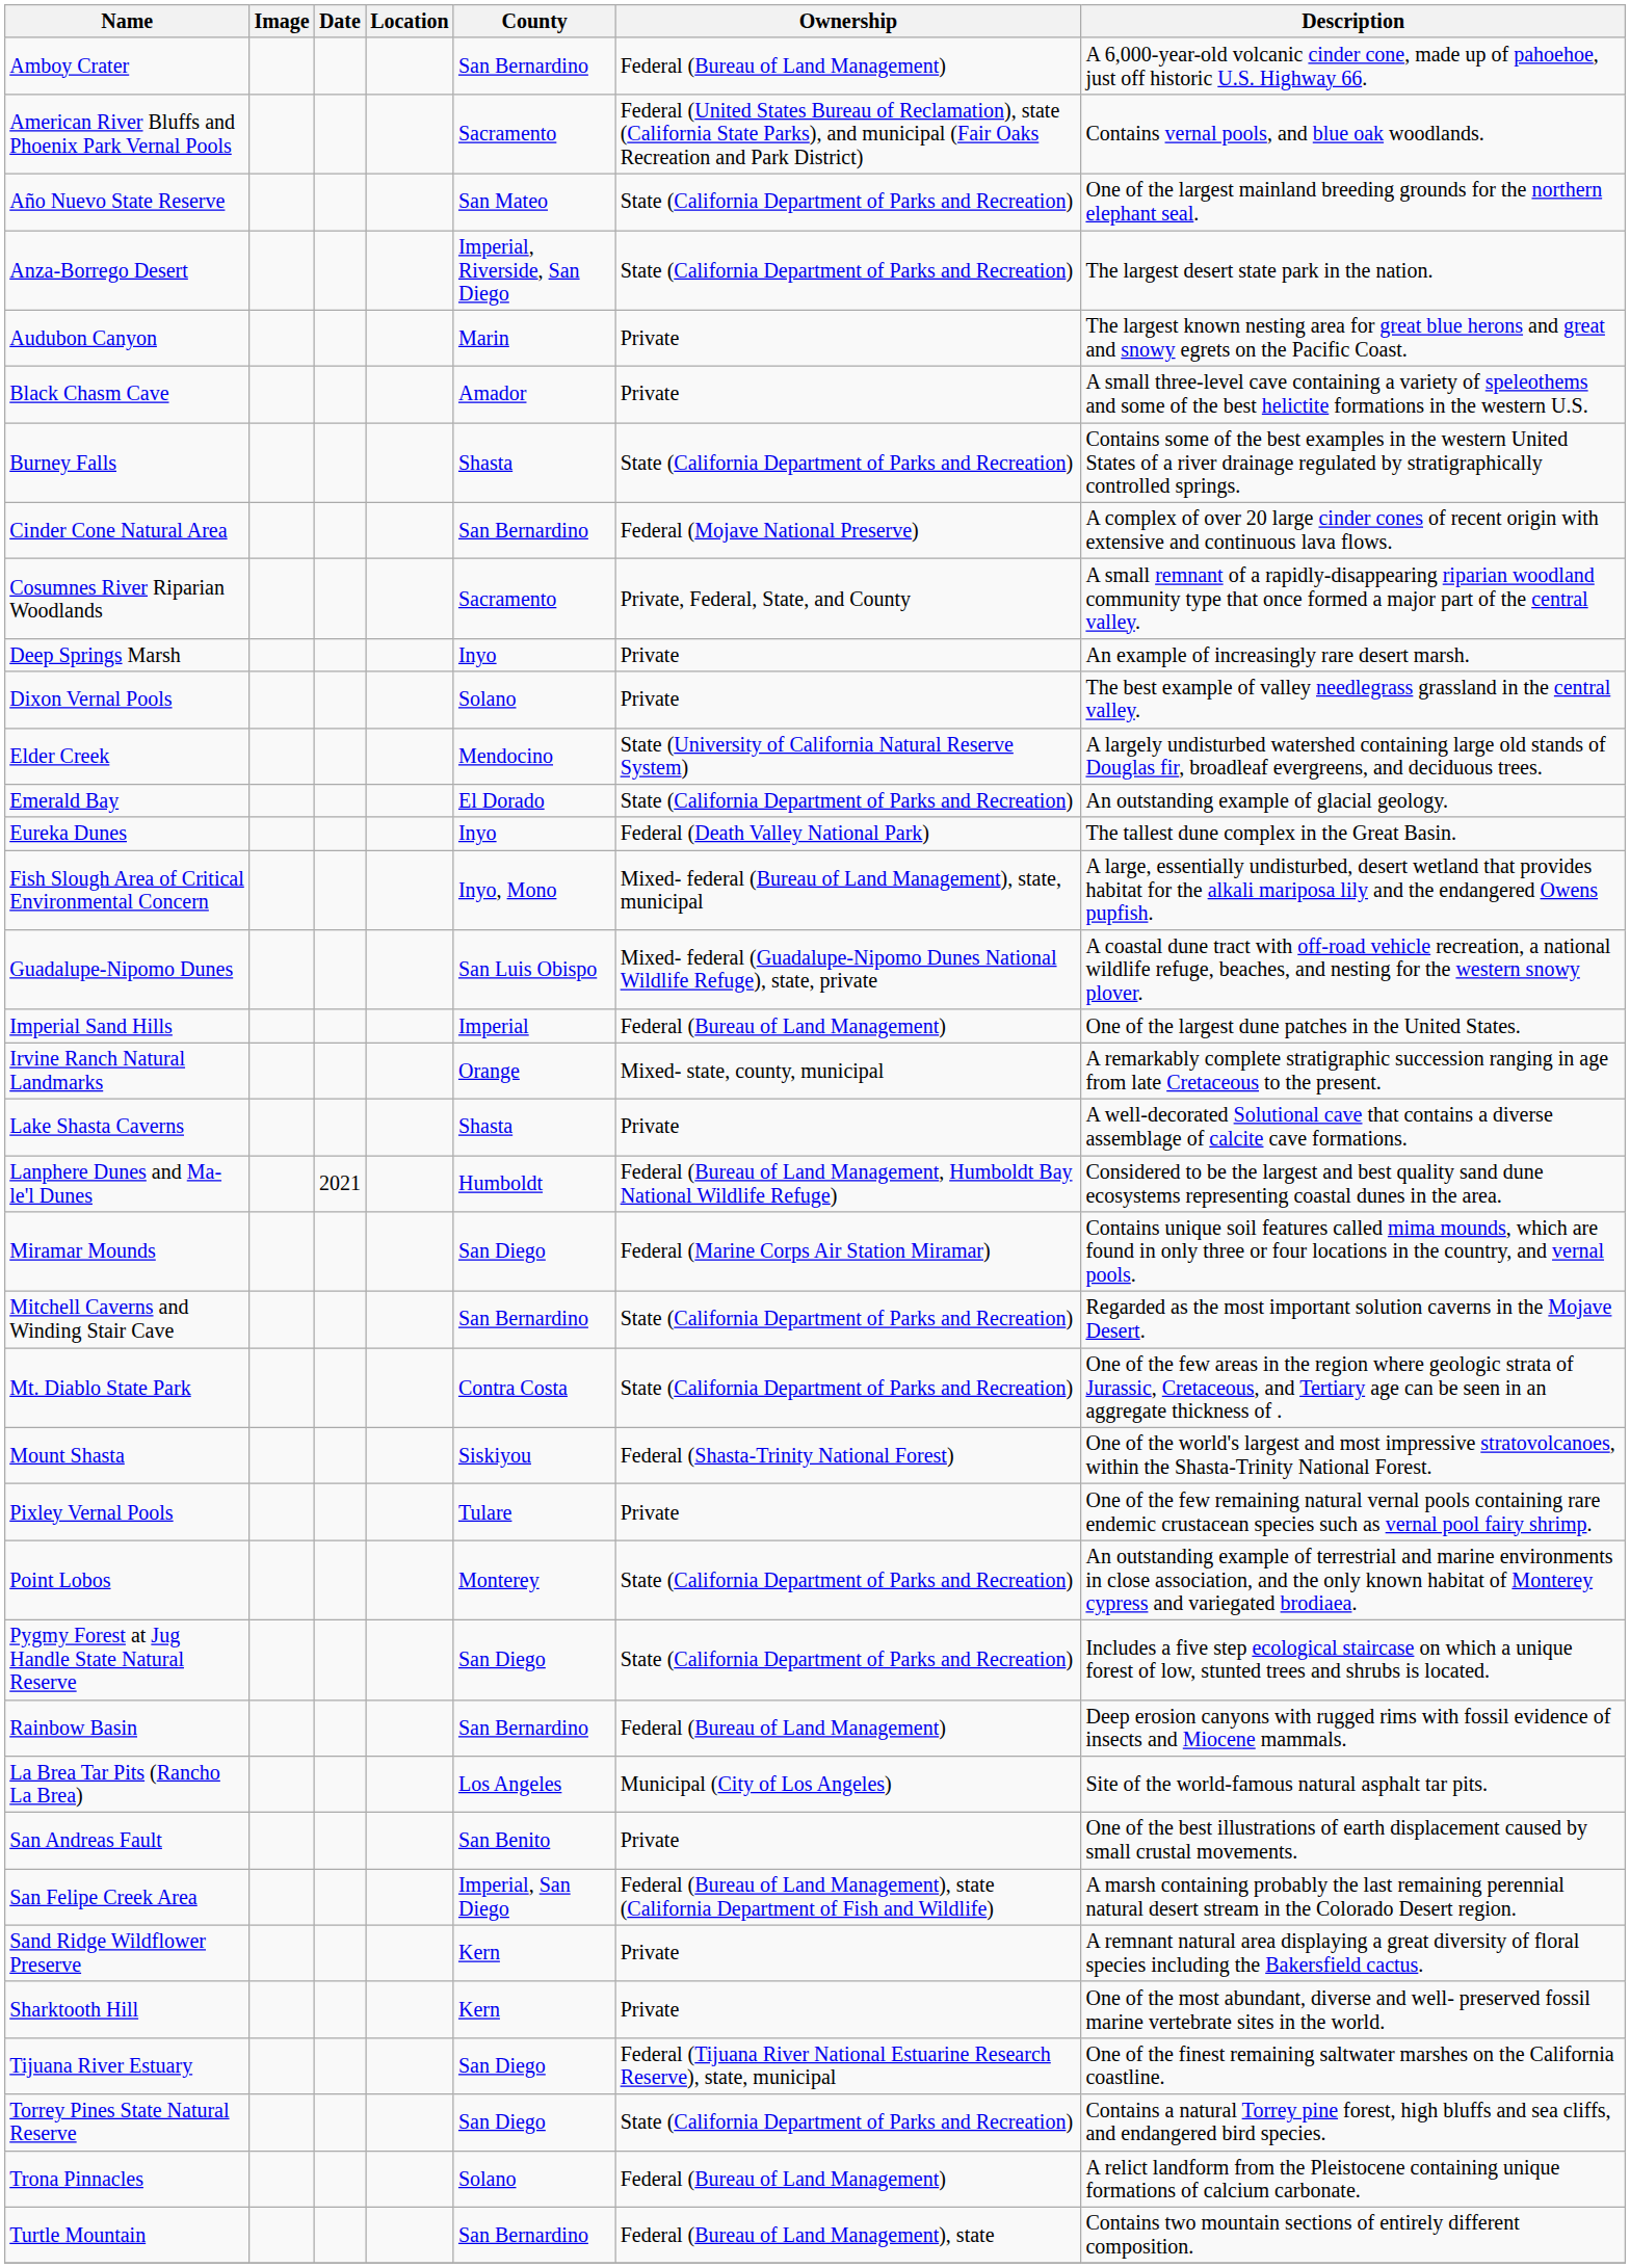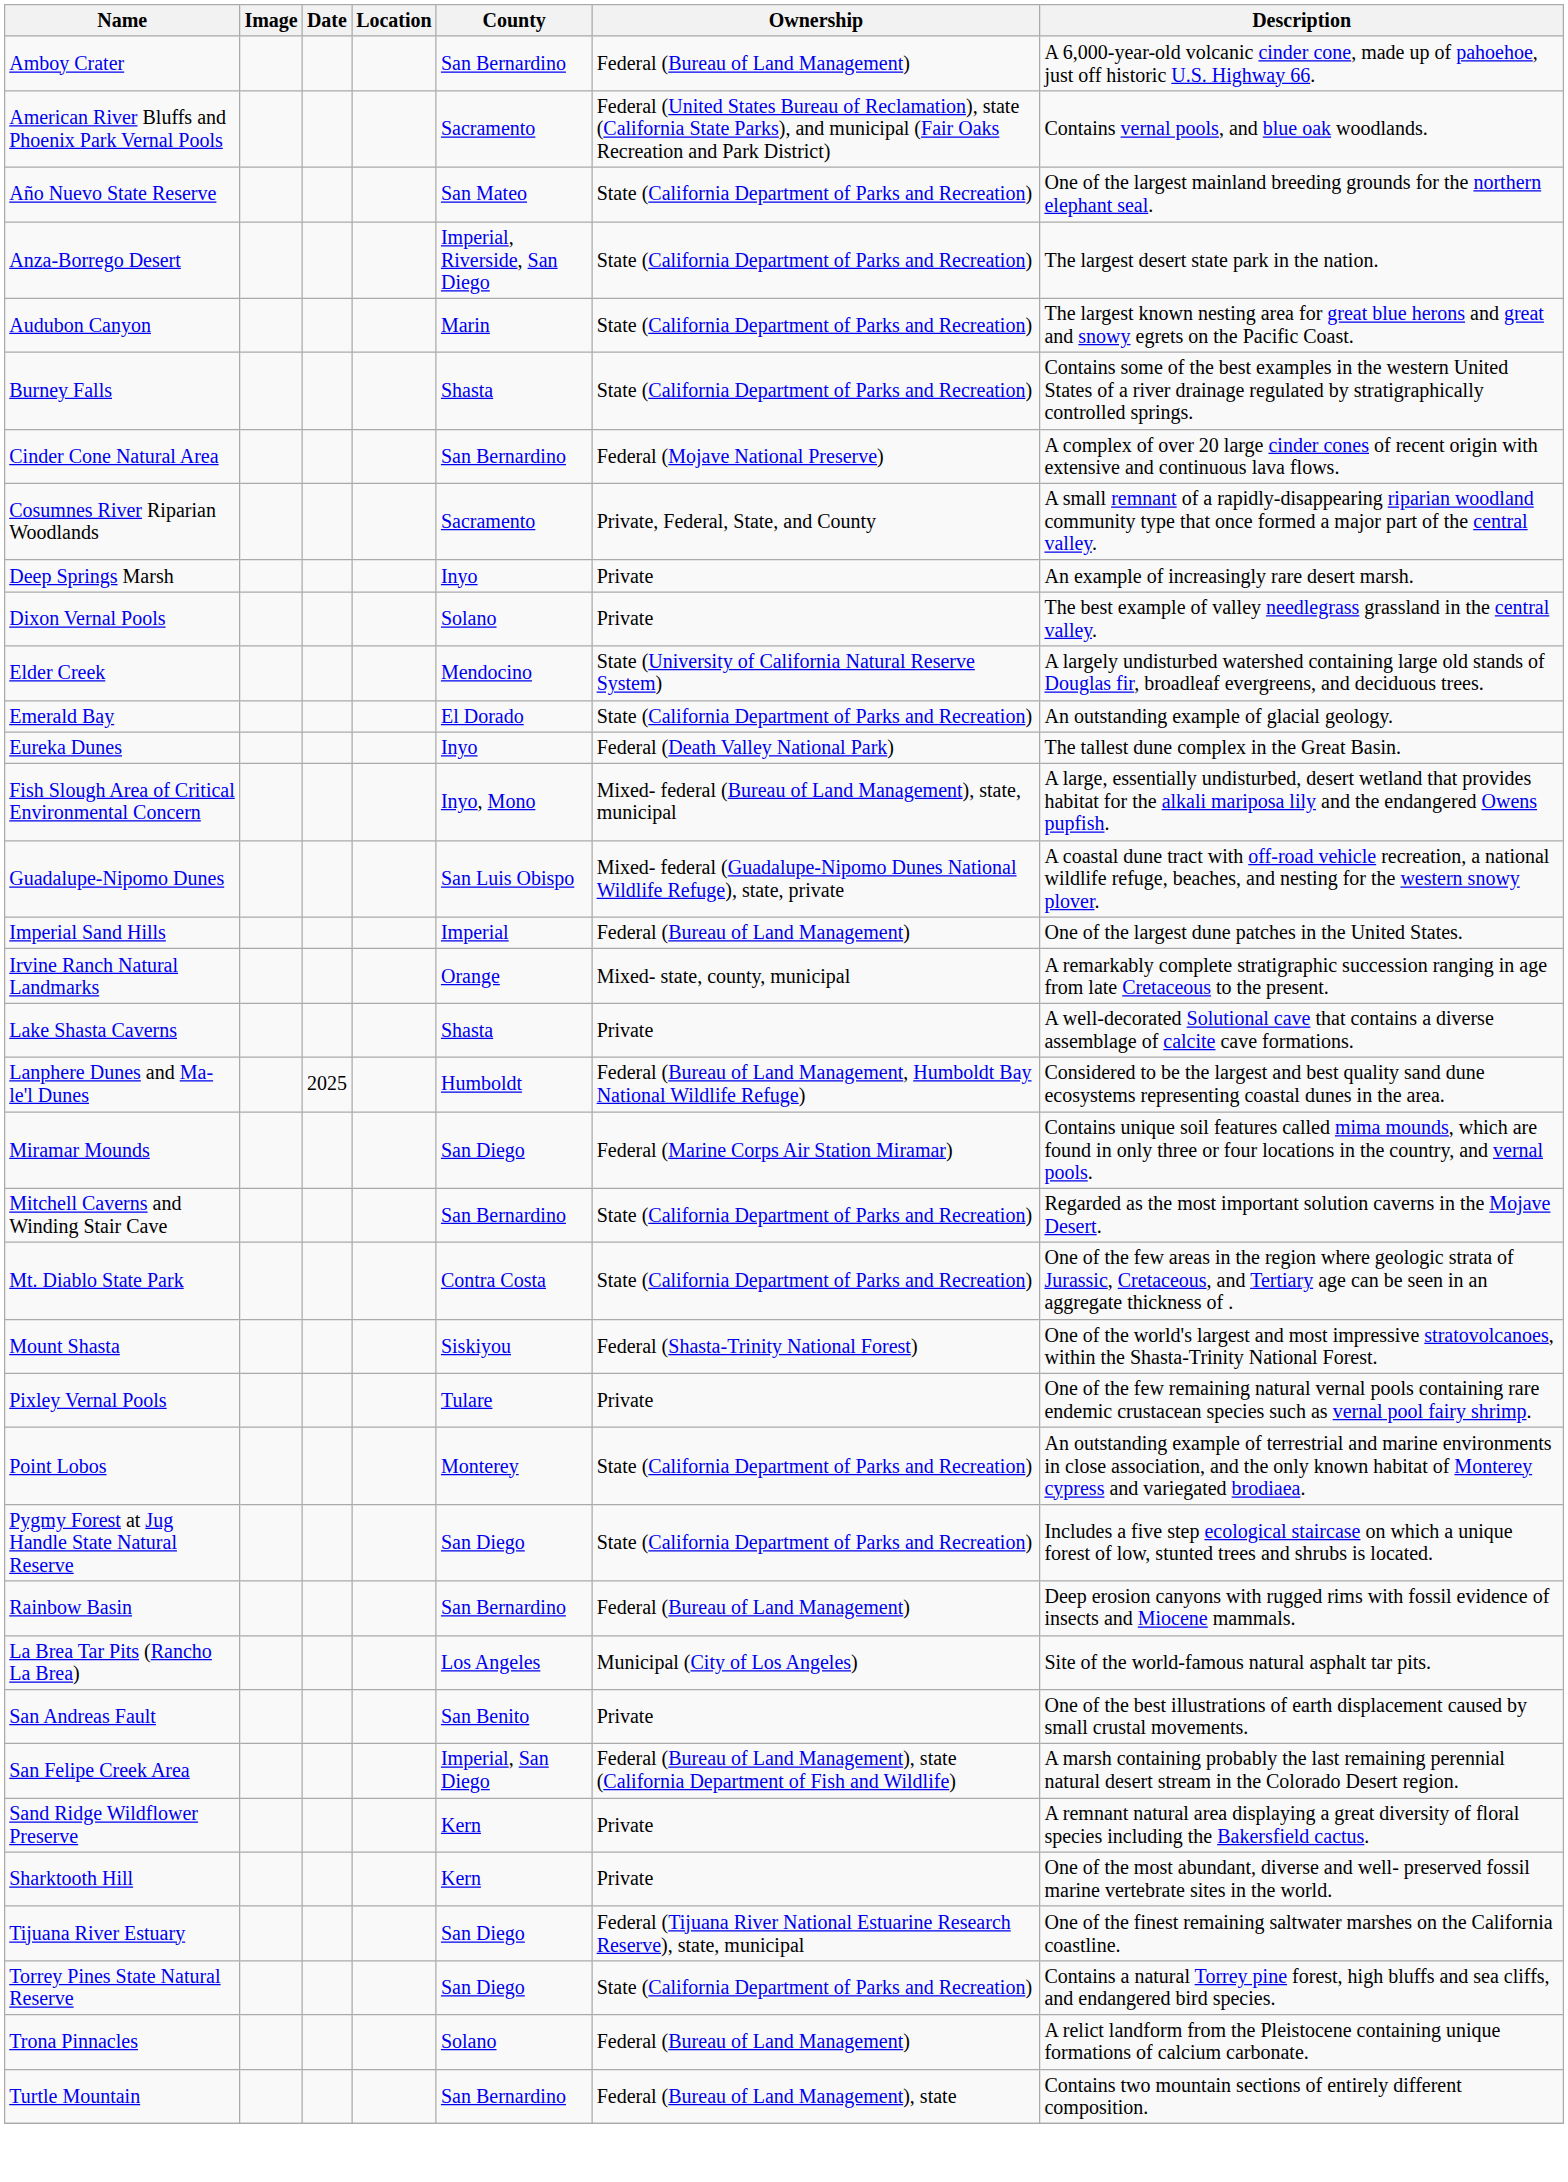 <table class="wikitable sortable" align="center">
 <tr>
 <th style="background-color:">Name</th>
 <th style="background-color:">Image</th>
 <th style="background-color:">Date</th>
 <th style="background-color:">Location</th>
 <th style="background-color:">County</th>
 <th style="background-color:">Ownership</th>
 <th style="background-color:">Description</th>
 </tr>
 <tr>
 <td><a href='#'>Amboy Crater</a></td>
 <td></td>
 <td></td>
 <td><small></small></td>
 <td><a href='#'>San Bernardino</a></td>
 <td>Federal (<a href='#'>Bureau of Land Management</a>)</td>
 <td>A 6,000-year-old volcanic <a href='#'>cinder cone</a>, made up of <a href='#'>pahoehoe</a>, just off historic <a href='#'>U.S. Highway 66</a>.</td>
 </tr>
 <tr>
 <td><a href='#'>American River</a> Bluffs and <a href='#'>Phoenix Park Vernal Pools</a></td>
 <td></td>
 <td></td>
 <td><small></small></td>
 <td><a href='#'>Sacramento</a></td>
 <td>Federal (<a href='#'>United States Bureau of Reclamation</a>), state (<a href='#'>California State Parks</a>), and municipal (<a href='#'>Fair Oaks</a> Recreation and Park District)</td>
 <td>Contains <a href='#'>vernal pools</a>, and <a href='#'>blue oak</a> woodlands.</td>
 </tr>
 <tr>
 <td><a href='#'>Año Nuevo State Reserve</a></td>
 <td></td>
 <td></td>
 <td><small></small></td>
 <td><a href='#'>San Mateo</a></td>
 <td>State (<a href='#'>California Department of Parks and Recreation</a>)</td>
 <td>One of the largest mainland breeding grounds for the <a href='#'>northern elephant seal</a>.</td>
 </tr>
 <tr>
 <td><a href='#'>Anza-Borrego Desert</a></td>
 <td></td>
 <td></td>
 <td><small></small></td>
 <td><a href='#'>Imperial</a>, <a href='#'>Riverside</a>, <a href='#'>San Diego</a></td>
 <td>State (<a href='#'>California Department of Parks and Recreation</a>)</td>
 <td>The largest desert state park in the nation.</td>
 </tr>
 <tr>
 <td><a href='#'>Audubon Canyon</a></td>
 <td></td>
 <td></td>
 <td><small></small></td>
 <td><a href='#'>Marin</a></td>
-<td>Private</td>
+<td>State (<a href='#'>California Department of Parks and Recreation</a>)</td>
 <td>The largest known nesting area for <a href='#'>great blue herons</a> and <a href='#'>great</a> and <a href='#'>snowy</a> egrets on the Pacific Coast.</td>
-</tr>
-<tr>
-<td><a href='#'>Black Chasm Cave</a></td>
-<td></td>
-<td></td>
-<td><small></small></td>
-<td><a href='#'>Amador</a></td>
-<td>Private</td>
-<td>A small three-level cave containing a variety of <a href='#'>speleothems</a> and some of the best <a href='#'>helictite</a> formations in the western U.S.</td>
 </tr>
 <tr>
 <td><a href='#'>Burney Falls</a></td>
 <td></td>
 <td></td>
 <td><small></small></td>
 <td><a href='#'>Shasta</a></td>
 <td>State (<a href='#'>California Department of Parks and Recreation</a>)</td>
 <td>Contains some of the best examples in the western United States of a river drainage regulated by stratigraphically controlled springs.</td>
 </tr>
 <tr>
 <td><a href='#'>Cinder Cone Natural Area</a></td>
 <td></td>
 <td></td>
 <td><small></small></td>
 <td><a href='#'>San Bernardino</a></td>
 <td>Federal (<a href='#'>Mojave National Preserve</a>)</td>
 <td>A complex of over 20 large <a href='#'>cinder cones</a> of recent origin with extensive and continuous lava flows.</td>
 </tr>
 <tr>
 <td><a href='#'>Cosumnes River</a> Riparian Woodlands</td>
 <td></td>
 <td></td>
 <td><small></small></td>
 <td><a href='#'>Sacramento</a></td>
 <td>Private, Federal, State, and County</td>
 <td>A small <a href='#'>remnant</a> of a rapidly-disappearing <a href='#'>riparian woodland</a> community type that once formed a major part of the <a href='#'>central valley</a>.</td>
 </tr>
 <tr>
 <td><a href='#'>Deep Springs</a> Marsh</td>
 <td></td>
 <td></td>
 <td><small></small></td>
 <td><a href='#'>Inyo</a></td>
 <td>Private</td>
 <td>An example of increasingly rare desert marsh.</td>
 </tr>
 <tr>
 <td><a href='#'>Dixon Vernal Pools</a></td>
 <td></td>
 <td></td>
 <td><small></small></td>
 <td><a href='#'>Solano</a></td>
 <td>Private</td>
 <td>The best example of valley <a href='#'>needlegrass</a> grassland in the <a href='#'>central valley</a>.</td>
 </tr>
 <tr>
 <td><a href='#'>Elder Creek</a></td>
 <td></td>
 <td></td>
 <td><small></small></td>
 <td><a href='#'>Mendocino</a></td>
 <td>State (<a href='#'>University of California Natural Reserve System</a>)</td>
 <td>A largely undisturbed watershed containing large old stands of <a href='#'>Douglas fir</a>, broadleaf evergreens, and deciduous trees.</td>
 </tr>
 <tr>
 <td><a href='#'>Emerald Bay</a></td>
 <td></td>
 <td></td>
 <td><small></small></td>
 <td><a href='#'>El Dorado</a></td>
 <td>State (<a href='#'>California Department of Parks and Recreation</a>)</td>
 <td>An outstanding example of glacial geology.</td>
 </tr>
 <tr>
 <td><a href='#'>Eureka Dunes</a></td>
 <td></td>
 <td></td>
 <td><small></small></td>
 <td><a href='#'>Inyo</a></td>
 <td>Federal (<a href='#'>Death Valley National Park</a>)</td>
 <td>The tallest dune complex in the Great Basin.</td>
 </tr>
 <tr>
 <td><a href='#'>Fish Slough Area of Critical Environmental Concern</a></td>
 <td></td>
 <td></td>
 <td><small></small></td>
 <td><a href='#'>Inyo</a>, <a href='#'>Mono</a></td>
 <td>Mixed- federal (<a href='#'>Bureau of Land Management</a>), state, municipal</td>
 <td>A large, essentially undisturbed, desert wetland that provides habitat for the <a href='#'>alkali mariposa lily</a> and the endangered <a href='#'>Owens pupfish</a>.</td>
 </tr>
 <tr>
 <td><a href='#'>Guadalupe-Nipomo Dunes</a></td>
 <td></td>
 <td></td>
 <td><small></small></td>
 <td><a href='#'>San Luis Obispo</a></td>
 <td>Mixed- federal (<a href='#'>Guadalupe-Nipomo Dunes National Wildlife Refuge</a>), state, private</td>
 <td>A coastal dune tract with <a href='#'>off-road vehicle</a> recreation, a national wildlife refuge, beaches, and nesting for the <a href='#'>western snowy plover</a>.</td>
 </tr>
 <tr>
 <td><a href='#'>Imperial Sand Hills</a></td>
 <td></td>
 <td></td>
 <td><small></small></td>
 <td><a href='#'>Imperial</a></td>
 <td>Federal (<a href='#'>Bureau of Land Management</a>)</td>
 <td>One of the largest dune patches in the United States.</td>
 </tr>
 <tr>
 <td><a href='#'>Irvine Ranch Natural Landmarks</a></td>
 <td></td>
 <td></td>
 <td><small></small></td>
 <td><a href='#'>Orange</a></td>
 <td>Mixed- state, county, municipal</td>
 <td>A remarkably complete stratigraphic succession ranging in age from late <a href='#'>Cretaceous</a> to the present.</td>
 </tr>
 <tr>
 <td><a href='#'>Lake Shasta Caverns</a></td>
 <td></td>
 <td></td>
 <td><small></small></td>
 <td><a href='#'>Shasta</a></td>
 <td>Private</td>
 <td>A well-decorated <a href='#'>Solutional cave</a> that contains a diverse assemblage of <a href='#'>calcite</a> cave formations.</td>
 </tr>
 <tr>
 <td><a href='#'>Lanphere Dunes</a> and <a href='#'>Ma-le'l Dunes</a></td>
 <td></td>
-<td>2021</td>
+<td>2025</td>
 <td></td>
 <td><a href='#'>Humboldt</a></td>
 <td>Federal (<a href='#'>Bureau of Land Management</a>, <a href='#'>Humboldt Bay National Wildlife Refuge</a>)</td>
 <td>Considered to be the largest and best quality sand dune ecosystems representing coastal dunes in the area.</td>
 </tr>
 <tr>
 <td><a href='#'>Miramar Mounds</a></td>
 <td></td>
 <td></td>
 <td><small></small></td>
 <td><a href='#'>San Diego</a></td>
 <td>Federal (<a href='#'>Marine Corps Air Station Miramar</a>)</td>
 <td>Contains unique soil features called <a href='#'>mima mounds</a>, which are found in only three or four locations in the country, and <a href='#'>vernal pools</a>.</td>
 </tr>
 <tr>
 <td><a href='#'>Mitchell Caverns</a> and Winding Stair Cave</td>
 <td></td>
 <td></td>
 <td><small></small></td>
 <td><a href='#'>San Bernardino</a></td>
 <td>State (<a href='#'>California Department of Parks and Recreation</a>)</td>
 <td>Regarded as the most important solution caverns in the <a href='#'>Mojave Desert</a>.</td>
 </tr>
 <tr>
 <td><a href='#'>Mt. Diablo State Park</a></td>
 <td></td>
 <td></td>
 <td><small></small></td>
 <td><a href='#'>Contra Costa</a></td>
 <td>State (<a href='#'>California Department of Parks and Recreation</a>)</td>
 <td>One of the few areas in the region where geologic strata of <a href='#'>Jurassic</a>, <a href='#'>Cretaceous</a>, and <a href='#'>Tertiary</a> age can be seen in an aggregate thickness of .</td>
 </tr>
 <tr>
 <td><a href='#'>Mount Shasta</a></td>
 <td></td>
 <td></td>
 <td><small></small></td>
 <td><a href='#'>Siskiyou</a></td>
 <td>Federal (<a href='#'>Shasta-Trinity National Forest</a>)</td>
 <td>One of the world's largest and most impressive <a href='#'>stratovolcanoes</a>, within the Shasta-Trinity National Forest.</td>
 </tr>
 <tr>
 <td><a href='#'>Pixley Vernal Pools</a></td>
 <td></td>
 <td></td>
 <td><small></small></td>
 <td><a href='#'>Tulare</a></td>
 <td>Private</td>
 <td>One of the few remaining natural vernal pools containing rare endemic crustacean species such as <a href='#'>vernal pool fairy shrimp</a>.</td>
 </tr>
 <tr>
 <td><a href='#'>Point Lobos</a></td>
 <td></td>
 <td></td>
 <td><small></small></td>
 <td><a href='#'>Monterey</a></td>
 <td>State (<a href='#'>California Department of Parks and Recreation</a>)</td>
 <td>An outstanding example of terrestrial and marine environments in close association, and the only known habitat of <a href='#'>Monterey cypress</a> and variegated <a href='#'>brodiaea</a>.</td>
 </tr>
 <tr>
 <td><a href='#'>Pygmy Forest</a> at <a href='#'>Jug Handle State Natural Reserve</a></td>
 <td></td>
 <td><br></td>
 <td><small></small></td>
 <td><a href='#'>San Diego</a></td>
 <td>State (<a href='#'>California Department of Parks and Recreation</a>)</td>
 <td>Includes a five step <a href='#'>ecological staircase</a> on which a unique forest of low, stunted trees and shrubs is located.</td>
 </tr>
 <tr>
 <td><a href='#'>Rainbow Basin</a></td>
 <td></td>
 <td></td>
 <td><small></small></td>
 <td><a href='#'>San Bernardino</a></td>
 <td>Federal (<a href='#'>Bureau of Land Management</a>)</td>
 <td>Deep erosion canyons with rugged rims with fossil evidence of insects and <a href='#'>Miocene</a> mammals.</td>
 </tr>
 <tr>
 <td><a href='#'>La Brea Tar Pits</a> (<a href='#'>Rancho La Brea</a>)</td>
 <td></td>
 <td></td>
 <td><small></small></td>
 <td><a href='#'>Los Angeles</a></td>
 <td>Municipal (<a href='#'>City of Los Angeles</a>)</td>
 <td>Site of the world-famous natural asphalt tar pits.</td>
 </tr>
 <tr>
 <td><a href='#'>San Andreas Fault</a></td>
 <td></td>
 <td></td>
 <td></td>
 <td><a href='#'>San Benito</a></td>
 <td>Private</td>
 <td>One of the best illustrations of earth displacement caused by small crustal movements.</td>
 </tr>
 <tr>
 <td><a href='#'>San Felipe Creek Area</a></td>
 <td></td>
 <td></td>
 <td><small></small></td>
 <td><a href='#'>Imperial</a>, <a href='#'>San Diego</a></td>
 <td>Federal (<a href='#'>Bureau of Land Management</a>), state (<a href='#'>California Department of Fish and Wildlife</a>)</td>
 <td>A marsh containing probably the last remaining perennial natural desert stream in the Colorado Desert region.</td>
 </tr>
 <tr>
 <td><a href='#'>Sand Ridge Wildflower Preserve</a></td>
 <td></td>
 <td></td>
 <td><small></small></td>
 <td><a href='#'>Kern</a></td>
 <td>Private</td>
 <td>A remnant natural area displaying a great diversity of floral species including the <a href='#'>Bakersfield cactus</a>.</td>
 </tr>
 <tr>
 <td><a href='#'>Sharktooth Hill</a></td>
 <td></td>
 <td></td>
 <td><small></small></td>
 <td><a href='#'>Kern</a></td>
 <td>Private</td>
 <td>One of the most abundant, diverse and well- preserved fossil marine vertebrate sites in the world.</td>
 </tr>
 <tr>
 <td><a href='#'>Tijuana River Estuary</a></td>
 <td></td>
 <td></td>
 <td><small></small></td>
 <td><a href='#'>San Diego</a></td>
 <td>Federal (<a href='#'>Tijuana River National Estuarine Research Reserve</a>), state, municipal</td>
 <td>One of the finest remaining saltwater marshes on the California coastline.</td>
 </tr>
 <tr>
 <td><a href='#'>Torrey Pines State Natural Reserve</a></td>
 <td></td>
 <td></td>
 <td><small></small></td>
 <td><a href='#'>San Diego</a></td>
 <td>State (<a href='#'>California Department of Parks and Recreation</a>)</td>
 <td>Contains a natural <a href='#'>Torrey pine</a> forest, high bluffs and sea cliffs, and endangered bird species.</td>
 </tr>
 <tr>
 <td><a href='#'>Trona Pinnacles</a></td>
 <td></td>
 <td></td>
 <td><small></small></td>
 <td><a href='#'>Solano</a></td>
 <td>Federal (<a href='#'>Bureau of Land Management</a>)</td>
 <td>A relict landform from the Pleistocene containing unique formations of calcium carbonate.</td>
 </tr>
 <tr>
 <td><a href='#'>Turtle Mountain</a></td>
 <td></td>
 <td></td>
 <td><small></small></td>
 <td><a href='#'>San Bernardino</a></td>
 <td>Federal (<a href='#'>Bureau of Land Management</a>), state</td>
 <td>Contains two mountain sections of entirely different composition.</td>
 </tr>
 <tr>
 </tr>
 </table>
